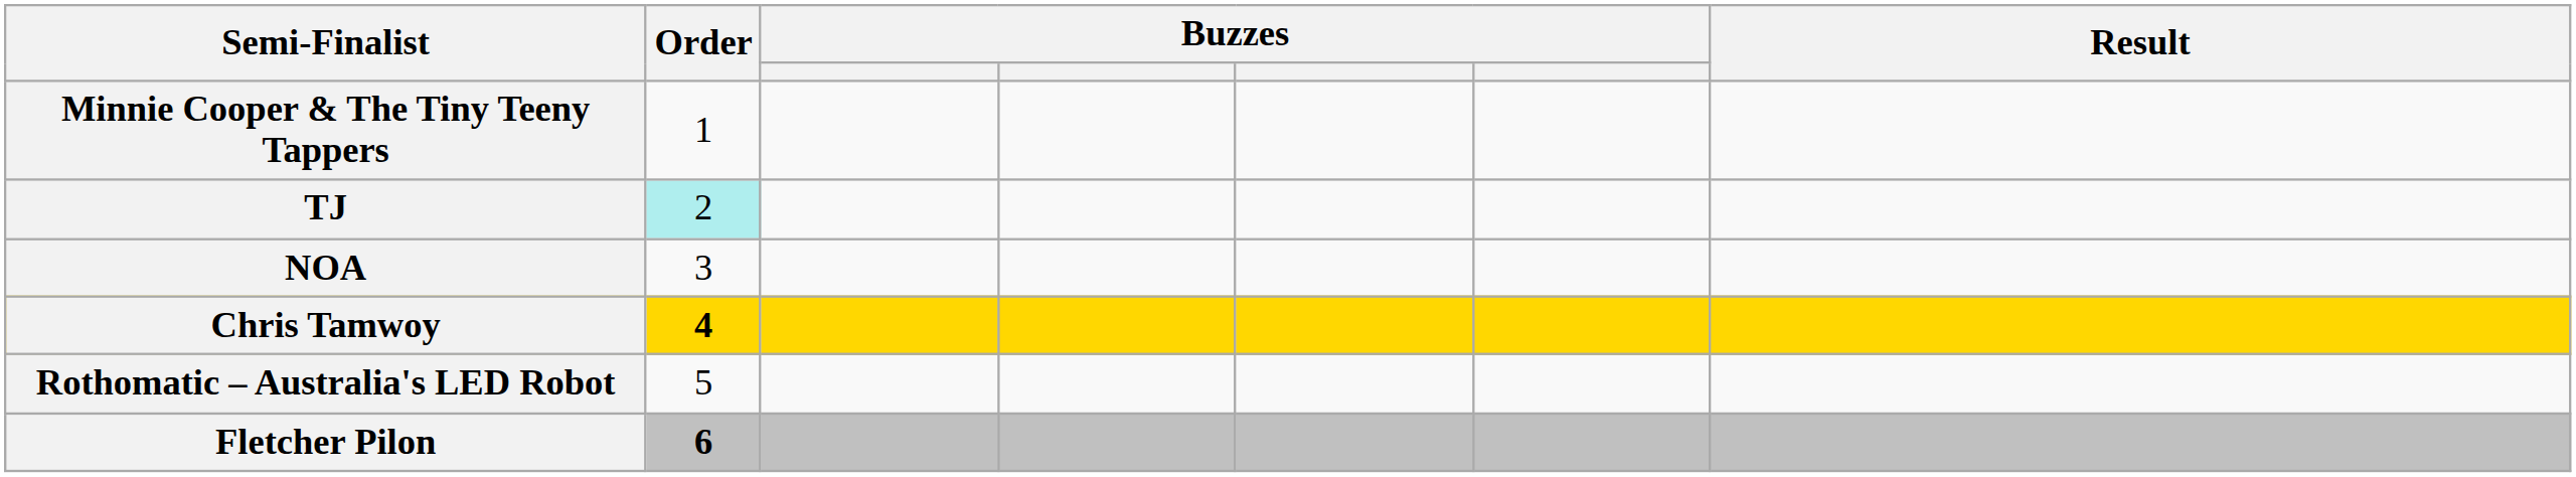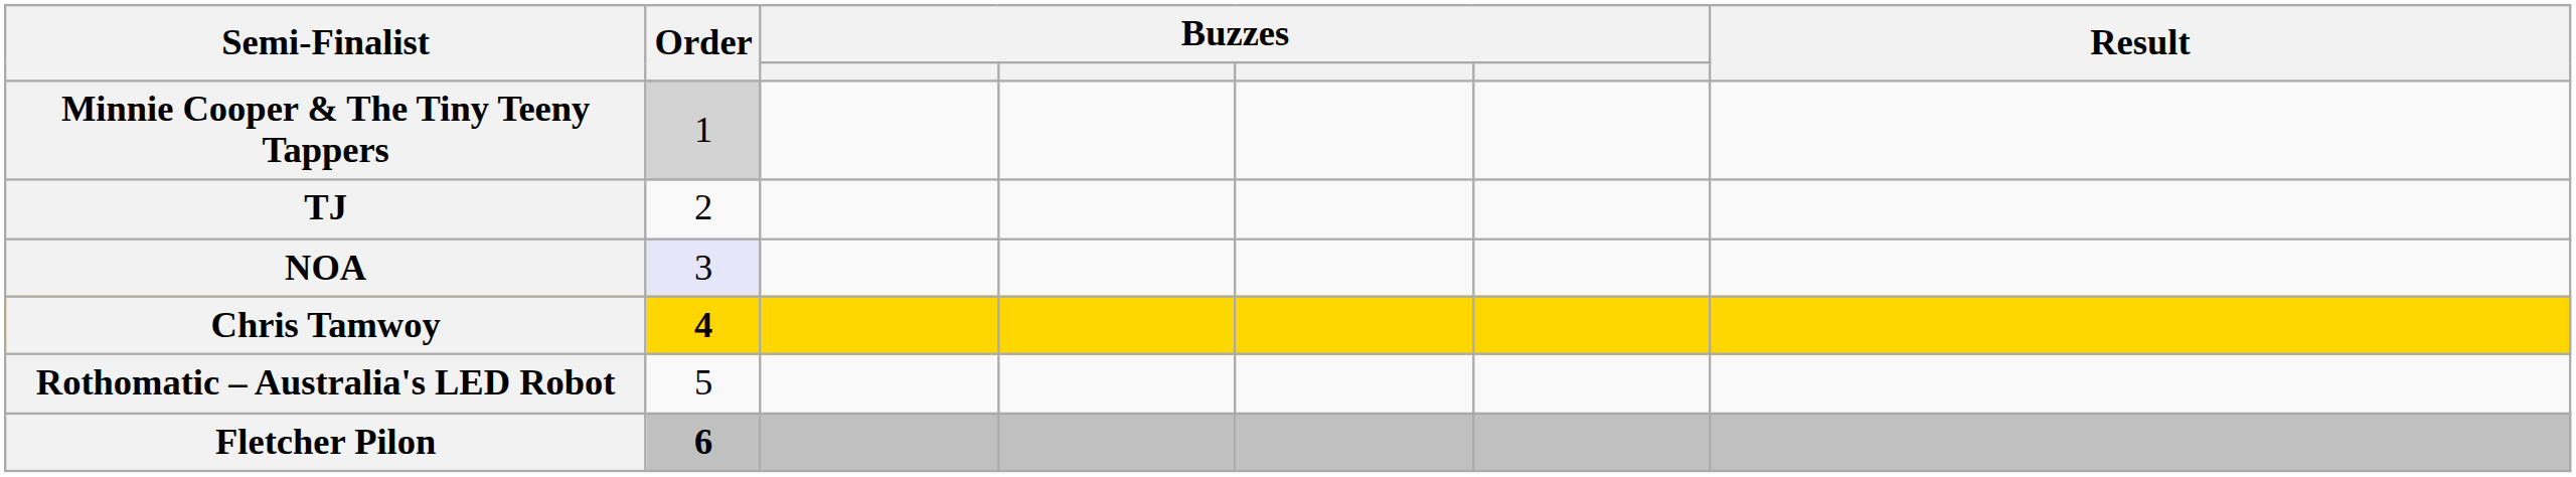 <table class="wikitable plainrowheaders sortable" style="text-align:center;">
 <tr>
 <th scope="col" rowspan="2" class="unsortable" style="width:17em;">Semi-Finalist</th>
 <th scope="col" rowspan="2" style="width:1em;">Order</th>
 <th scope="col" colspan="4" class="unsortable" style="width:24em;">Buzzes</th>
 <th scope="col" rowspan="2" style="width:23em;">Result</th>
 </tr>
 <tr>
 <th scope="col" class="unsortable" style="width:6em;"></th>
 <th scope="col" class="unsortable" style="width:6em;"></th>
 <th scope="col" class="unsortable" style="width:6em;"></th>
 <th scope="col" class="unsortable" style="width:6em;"></th>
 </tr>
 <tr>
 <th scope="row">Minnie Cooper & The Tiny Teeny Tappers</th>
-<td>1</td>
+<td style="background: lightgrey;">1</td>
 <td style="text-align:center;"></td>
 <td style="text-align:center;"></td>
 <td style="text-align:center;"></td>
 <td style="text-align:center;"></td>
 <td></td>
 </tr>
 <tr>
 <th scope="row">TJ</th>
-<td style="background: paleturquoise;">2</td>
+<td>2</td>
 <td style="text-align:center;"></td>
 <td style="text-align:center;"></td>
 <td style="text-align:center;"></td>
 <td style="text-align:center;"></td>
 <td></td>
 </tr>
 <tr>
 <th scope="row">NOA</th>
-<td>3</td>
+<td style="background: lavender;">3</td>
 <td style="text-align:center;"></td>
 <td style="text-align:center;"></td>
 <td style="text-align:center;"></td>
 <td style="text-align:center;"></td>
 <td></td>
 </tr>
 <tr bgcolor=gold>
 <th scope="row"><strong>Chris Tamwoy</strong></th>
 <td><strong>4</strong></td>
 <td style="text-align:center;"></td>
 <td style="text-align:center;"></td>
 <td style="text-align:center;"></td>
 <td style="text-align:center;"></td>
 <td><strong></strong></td>
 </tr>
 <tr>
 <th scope="row">Rothomatic – Australia's LED Robot</th>
 <td>5</td>
 <td style="text-align:center;"></td>
 <td style="text-align:center;"></td>
 <td style="text-align:center;"></td>
 <td style="text-align:center;"></td>
 <td></td>
 </tr>
 <tr bgcolor=silver>
 <th scope="row"><strong>Fletcher Pilon</strong></th>
 <td><strong>6</strong></td>
 <td style="text-align:center;"></td>
 <td style="text-align:center;"></td>
 <td style="text-align:center;"></td>
 <td style="text-align:center;"></td>
 <td><strong></strong></td>
 </tr>
 </table>
